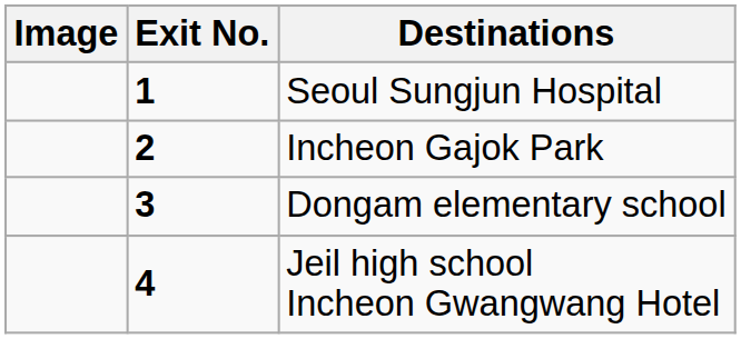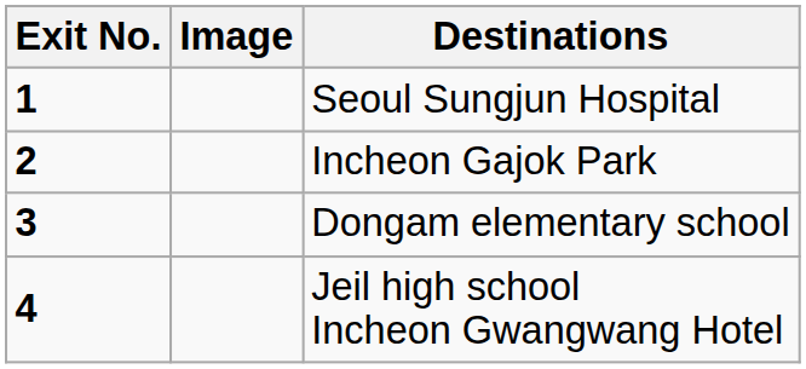 <table class="wikitable">
 <tr>
+<th>Exit No.</th>
 <th>Image</th>
-<th>Exit No.</th>
 <th>Destinations</th>
 </tr>
 <tr>
+<td><strong>1</strong></td>
 <td></td>
-<td><strong>1</strong></td>
 <td>Seoul Sungjun Hospital</td>
 </tr>
 <tr>
+<td><strong>2</strong></td>
 <td></td>
-<td><strong>2</strong></td>
 <td>Incheon Gajok Park</td>
 </tr>
 <tr>
+<td><strong>3</strong></td>
 <td></td>
-<td><strong>3</strong></td>
 <td>Dongam elementary school</td>
 </tr>
 <tr>
+<td><strong>4</strong></td>
 <td></td>
-<td><strong>4</strong></td>
 <td>Jeil high school<br>Incheon Gwangwang Hotel</td>
 </tr>
 </table>
